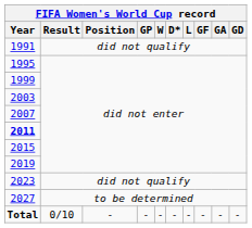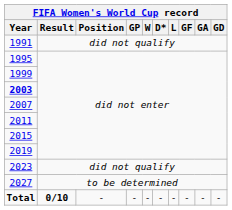 <table class="wikitable" style="text-align: center;">
 <tr>
 <th colspan=10><a href='#'>FIFA Women's World Cup</a> record</th>
 </tr>
 <tr>
 <th>Year</th>
 <th>Result</th>
 <th>Position</th>
 <th>GP</th>
 <th>W</th>
 <th>D*</th>
 <th>L</th>
 <th>GF</th>
 <th>GA</th>
 <th>GD</th>
 </tr>
 <tr>
 <td> <a href='#'>1991</a></td>
 <td rowspan="1" colspan="9"><em>did not qualify</em></td>
 </tr>
 <tr>
 <td> <a href='#'>1995</a></td>
 <td rowspan="7" colspan="9"><em>did not enter</em></td>
 </tr>
 <tr>
 <td> <a href='#'>1999</a></td>
 </tr>
 <tr>
-<td> <a href='#'>2003</a></td>
+<td><strong> <a href='#'>2003</a></strong></td>
 </tr>
 <tr>
 <td> <a href='#'>2007</a></td>
 </tr>
 <tr>
-<td><strong> <a href='#'>2011</a></strong></td>
+<td> <a href='#'>2011</a></td>
 </tr>
 <tr>
 <td> <a href='#'>2015</a></td>
 </tr>
 <tr>
 <td> <a href='#'>2019</a></td>
 </tr>
 <tr>
 <td> <a href='#'>2023</a></td>
 <td colspan="9"><em>did not qualify</em></td>
 </tr>
 <tr>
 <td> <a href='#'>2027</a></td>
 <td colspan="9"><em>to be determined</em></td>
 </tr>
 <tr>
 <td><strong>Total</strong></td>
-<td>0/10</td>
+<td><strong>0/10</strong></td>
 <td>-</td>
 <td>-</td>
 <td>-</td>
 <td>-</td>
 <td>-</td>
 <td>-</td>
 <td>-</td>
 <td>-</td>
 </tr>
 </table>
